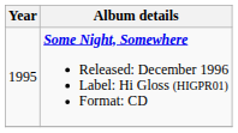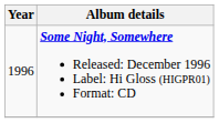 <table class="wikitable" border="1">
 <tr>
 <th>Year</th>
 <th>Album details</th>
 </tr>
 <tr>
-<td>1995</td>
+<td>1996</td>
 <td><strong><em><a href='#'>Some Night, Somewhere</a></em></strong><br><ul><li>Released: December 1996</li><li>Label: Hi Gloss <small>(HIGPR01)</small></li><li>Format: CD</li></ul></td>
 </tr>
 <tr>
 </tr>
 </table>
